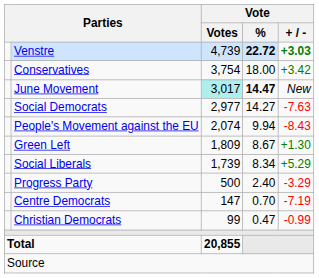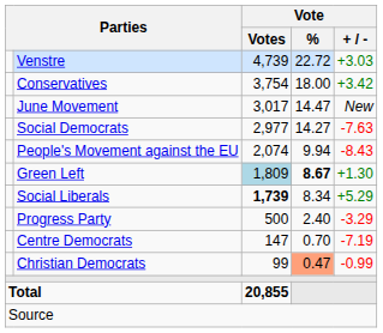 <table class="wikitable" style="text-align:right;">
 <tr>
 <th style="text-align:centre;" rowspan="2" colspan="2" width="225">Parties</th>
 <th colspan="3">Vote</th>
 </tr>
 <tr>
 <th width="15">Votes</th>
 <th width="15">%</th>
 <th width="15">+ / -</th>
 </tr>
 <tr>
 <td width="2" style="color:inherit;background:"></td>
 <td bgcolor=#cfe5fe   align="left"><a href='#'>Venstre</a></td>
 <td bgcolor=#cfe5fe>4,739</td>
-<td bgcolor=#cfe5fe><strong>22.72</strong></td>
-<td style=color:green;><strong>+3.03</strong></td>
+<td bgcolor=#cfe5fe>22.72</td>
+<td style=color:green;>+3.03</td>
 </tr>
 <tr>
 <td width="2" style="color:inherit;background:"></td>
 <td align="left"><a href='#'>Conservatives</a></td>
 <td>3,754</td>
 <td>18.00</td>
 <td style=color:green;>+3.42</td>
 </tr>
 <tr>
 <td width="2" style="color:inherit;background:"></td>
 <td align="left"><a href='#'>June Movement</a></td>
-<td style="background: paleturquoise;">3,017</td>
-<td><strong>14.47</strong></td>
+<td>3,017</td>
+<td>14.47</td>
 <td><em>New</em></td>
 </tr>
 <tr>
 <td width="2" style="color:inherit;background:"></td>
 <td align="left"><a href='#'>Social Democrats</a></td>
 <td>2,977</td>
 <td>14.27</td>
 <td style=color:red;>-7.63</td>
 </tr>
 <tr>
 <td width="2" style="color:inherit;background:"></td>
 <td align="left"><a href='#'>People's Movement against the EU</a></td>
 <td>2,074</td>
 <td>9.94</td>
 <td style=color:red;>-8.43</td>
 </tr>
 <tr>
 <td width="2" style="color:inherit;background:"></td>
 <td align="left"><a href='#'>Green Left</a></td>
-<td>1,809</td>
-<td>8.67</td>
+<td style="background: lightblue;">1,809</td>
+<td><strong>8.67</strong></td>
 <td style=color:green;>+1.30</td>
 </tr>
 <tr>
 <td width="2" style="color:inherit;background:"></td>
 <td align="left"><a href='#'>Social Liberals</a></td>
-<td>1,739</td>
+<td><strong>1,739</strong></td>
 <td>8.34</td>
 <td style=color:green;>+5.29</td>
 </tr>
 <tr>
 <td width="2" style="color:inherit;background:"></td>
 <td align="left"><a href='#'>Progress Party</a></td>
 <td>500</td>
 <td>2.40</td>
 <td style=color:red;>-3.29</td>
 </tr>
 <tr>
 <td width="2" style="color:inherit;background:"></td>
 <td align="left"><a href='#'>Centre Democrats</a></td>
 <td>147</td>
 <td>0.70</td>
 <td style=color:red;>-7.19</td>
 </tr>
 <tr>
 <td width="2" style="color:inherit;background:"></td>
 <td align="left"><a href='#'>Christian Democrats</a></td>
 <td>99</td>
-<td>0.47</td>
+<td style="background: lightsalmon;">0.47</td>
 <td style=color:red;>-0.99</td>
 </tr>
 <tr>
 <td colspan="7" bgcolor="#E9E9E9"></td>
 </tr>
 <tr>
 <td align="left" colspan="2"><strong>Total</strong></td>
 <td><strong>20,855</strong></td>
 <td bgcolor="#E9E9E9" colspan="2"></td>
 </tr>
 <tr>
 <td align="left" colspan="6">Source</td>
 </tr>
 </table>
